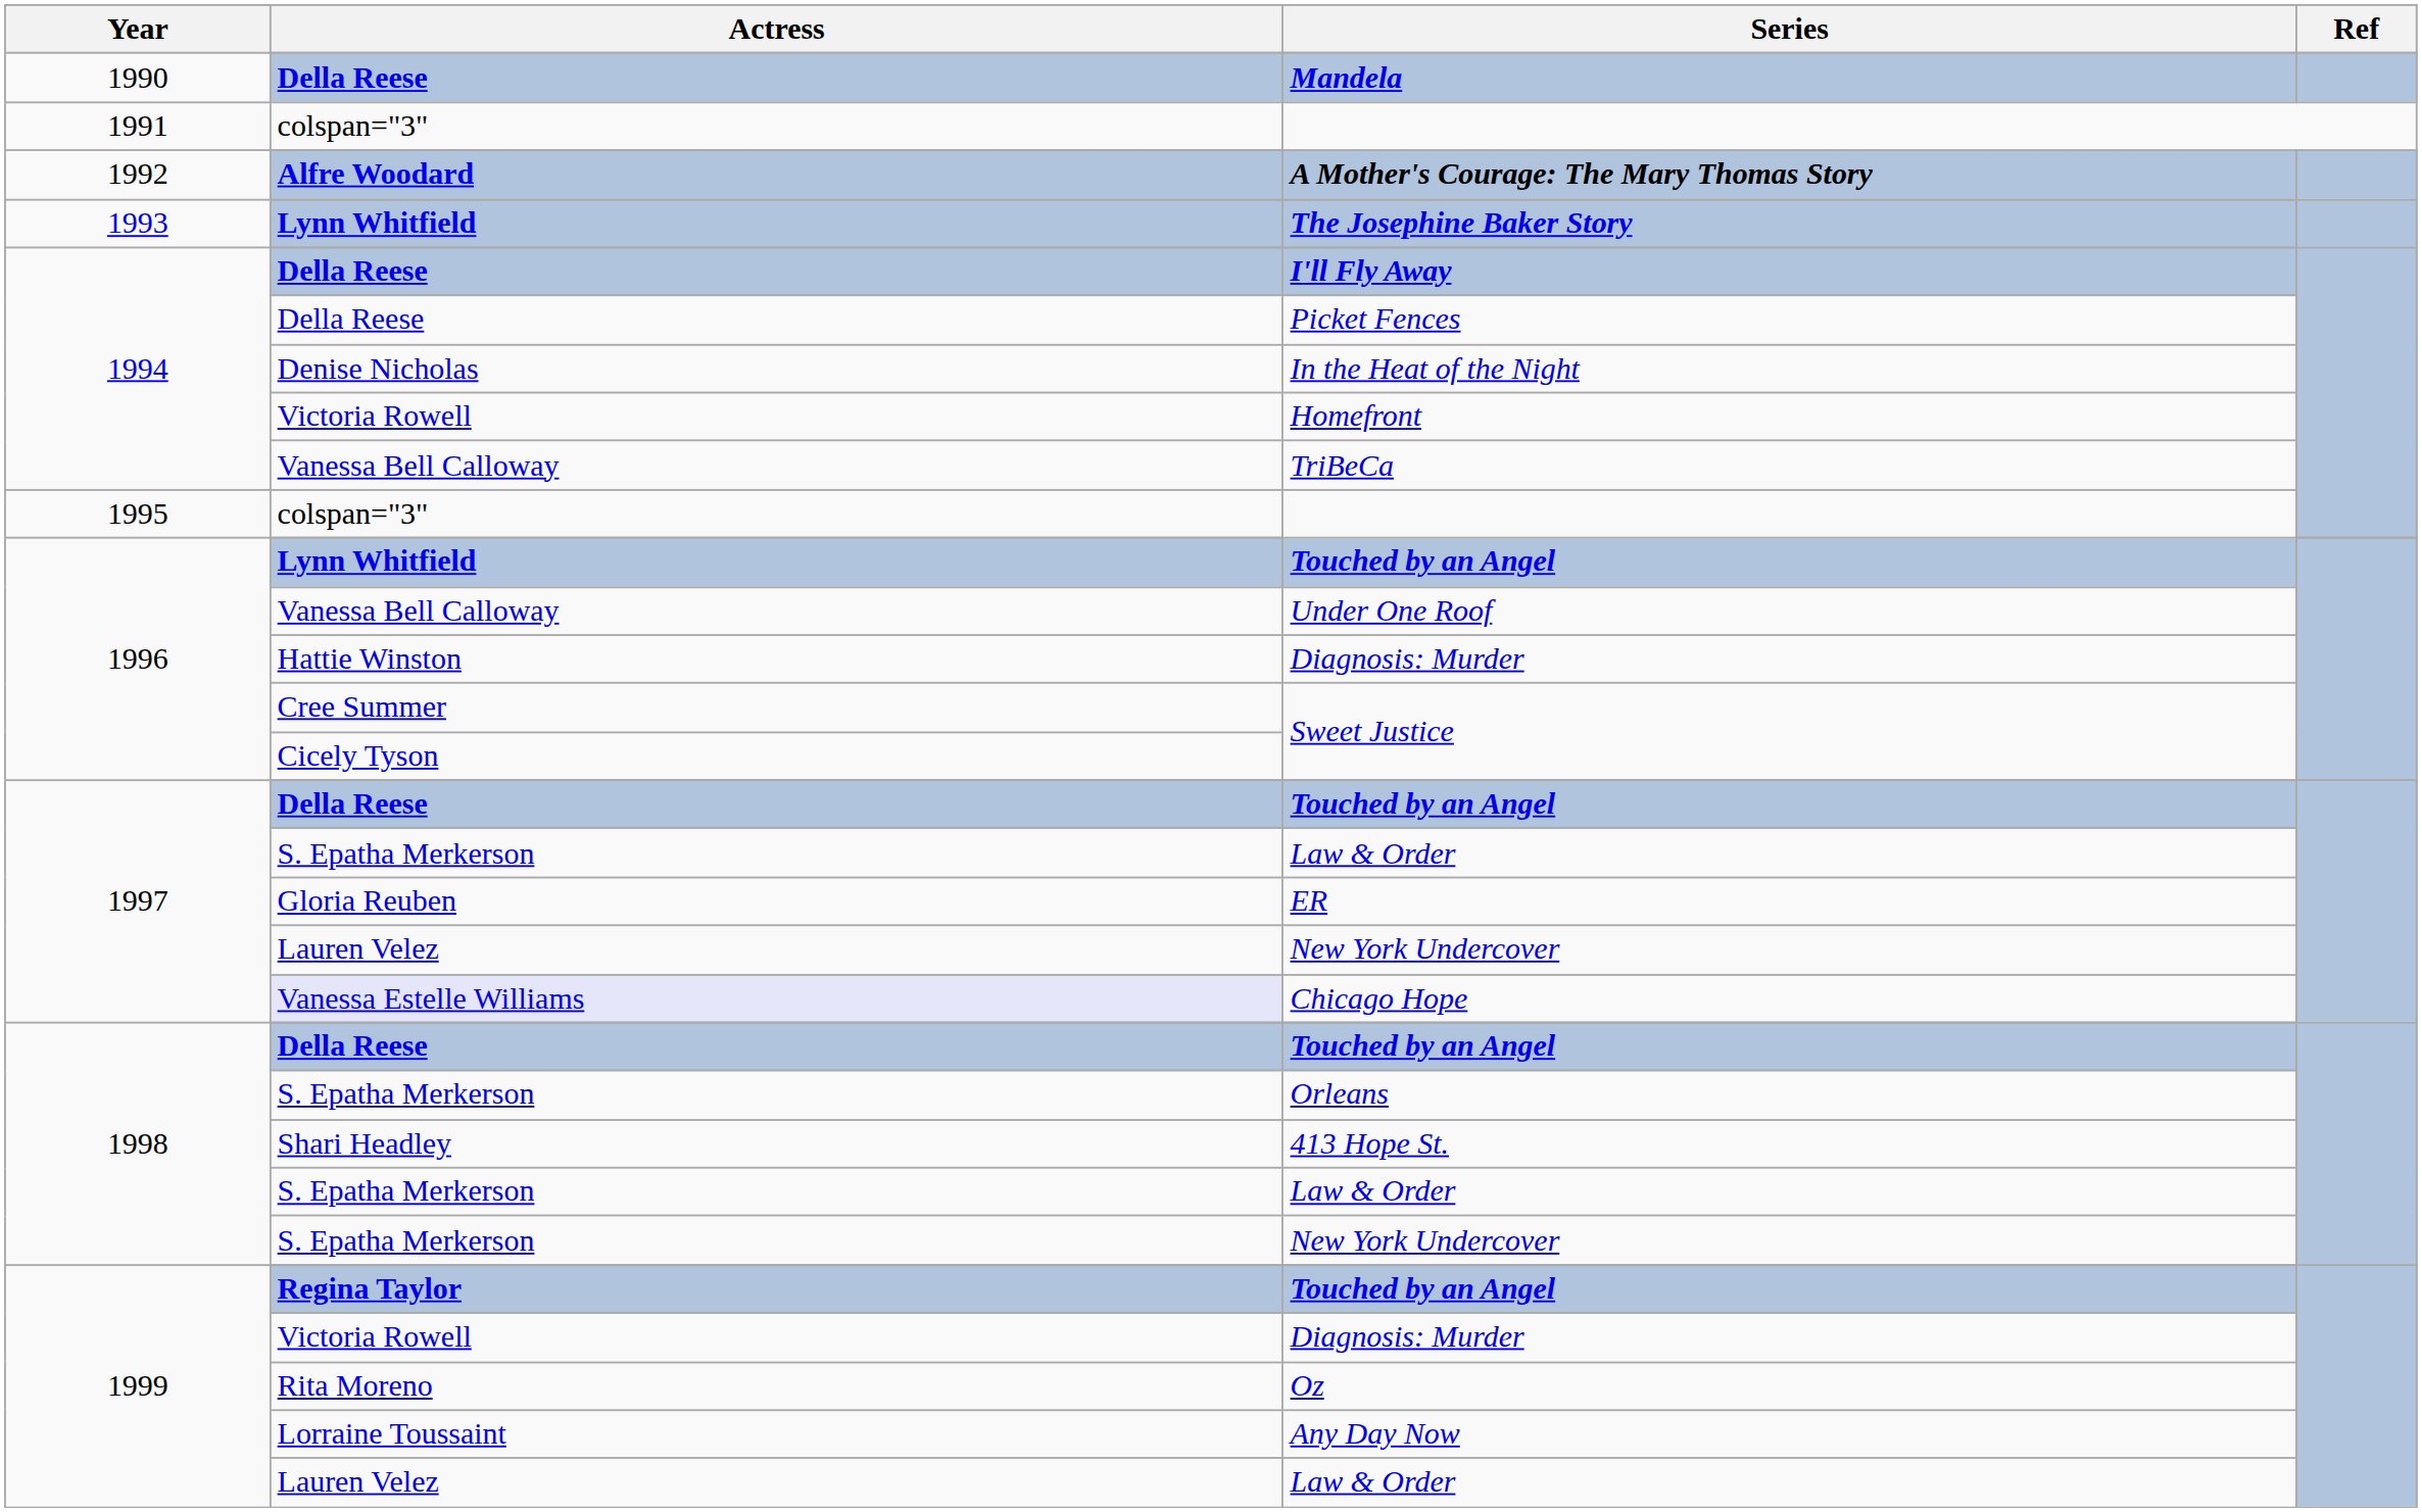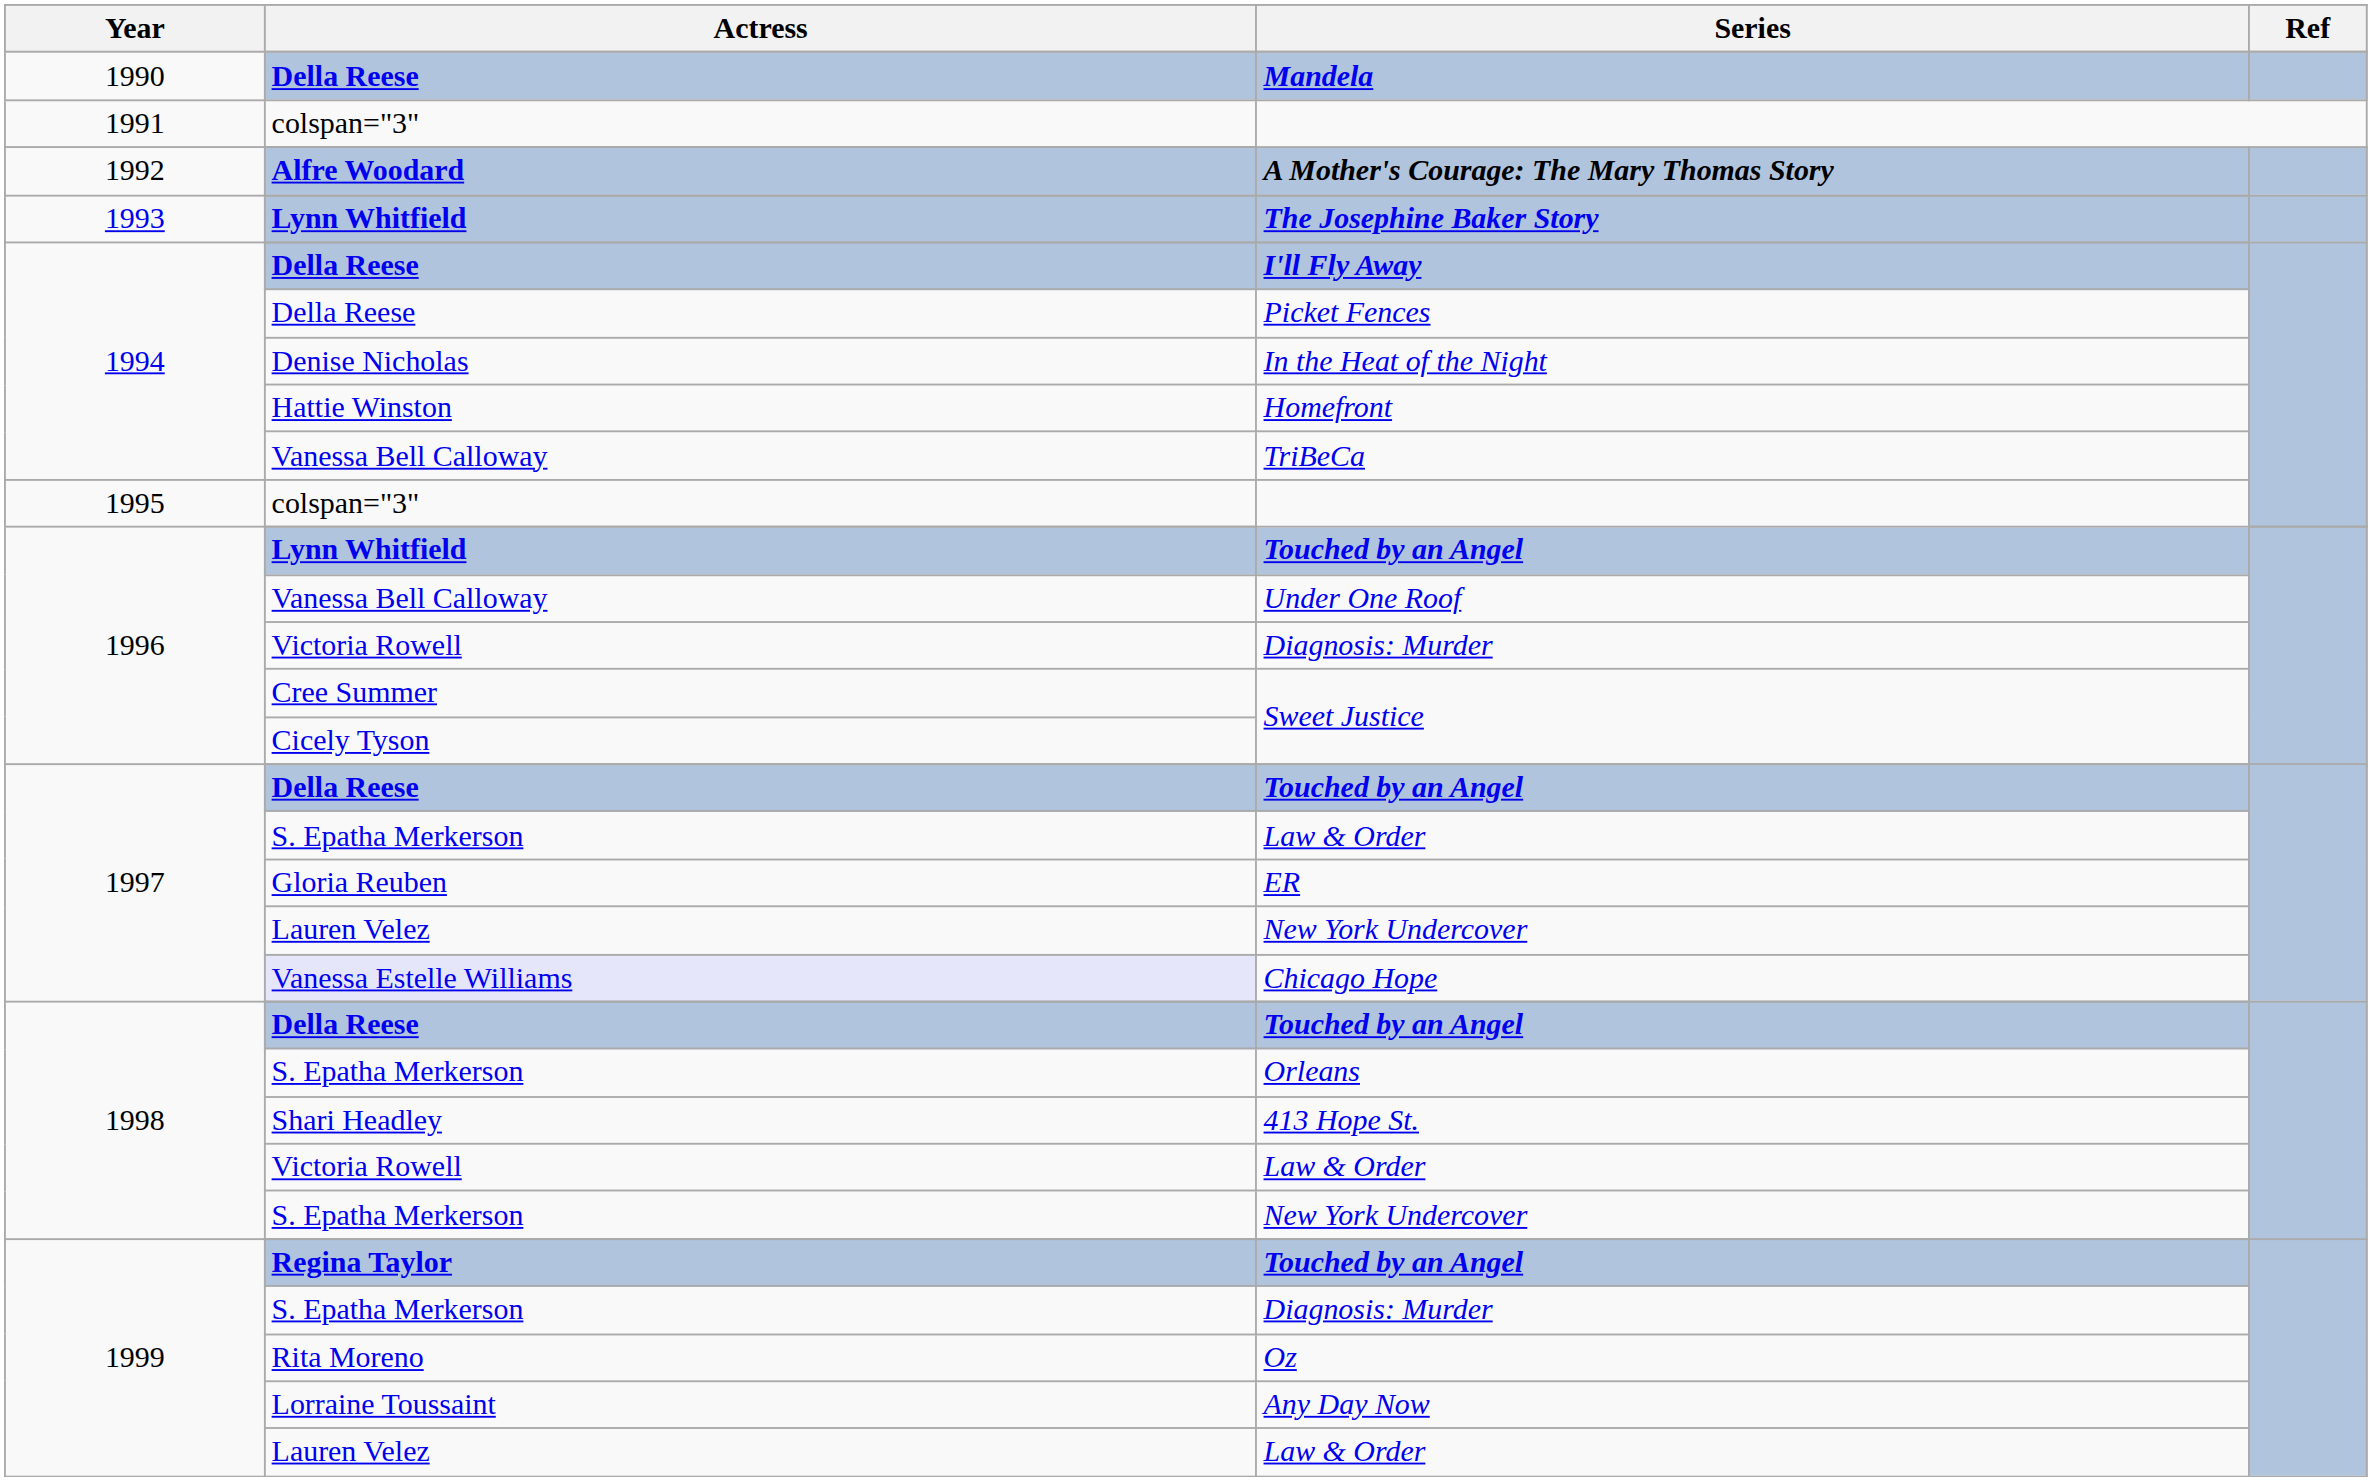 <table class="wikitable" style="width:100%;">
 <tr style="background:#bebebe;">
 <th style="width:11%;">Year</th>
 <th style="width:42%;">Actress</th>
 <th style="width:42%;">Series</th>
 <th style="width:5%;">Ref</th>
 </tr>
 <tr>
 <td rowspan="2" align="center">1990</td>
 </tr>
 <tr style="background:#B0C4DE">
 <td><strong><a href='#'>Della Reese</a></strong></td>
 <td><strong><em><a href='#'>Mandela</a></em></strong></td>
 <td align="center"></td>
 </tr>
 <tr>
 <td align="center">1991</td>
 <td>colspan="3" </td>
 </tr>
 <tr>
 <td rowspan="2" align="center">1992</td>
 </tr>
 <tr style="background:#B0C4DE">
 <td><strong><a href='#'>Alfre Woodard</a></strong></td>
 <td><strong><em>A Mother's Courage: The Mary Thomas Story</em></strong></td>
 <td rowspan="2" align="center"></td>
 </tr>
 <tr>
 <td rowspan="2" align="center"><a href='#'>1993</a></td>
 </tr>
 <tr style="background:#B0C4DE">
 <td><strong><a href='#'>Lynn Whitfield</a></strong></td>
 <td><strong><em><a href='#'>The Josephine Baker Story</a></em></strong></td>
 <td rowspan="2" align="center"></td>
 </tr>
 <tr>
 <td rowspan="6" align="center"><a href='#'>1994</a></td>
 </tr>
 <tr style="background:#B0C4DE">
 <td><strong><a href='#'>Della Reese</a></strong></td>
 <td><strong><em><a href='#'>I'll Fly Away</a></em></strong></td>
 <td rowspan="6" align="center"></td>
 </tr>
 <tr>
 <td><a href='#'>Della Reese</a></td>
 <td><em><a href='#'>Picket Fences</a></em></td>
 </tr>
 <tr>
 <td><a href='#'>Denise Nicholas</a></td>
 <td><em><a href='#'>In the Heat of the Night</a></em></td>
 </tr>
 <tr>
-<td><a href='#'>Victoria Rowell</a></td>
+<td><a href='#'>Hattie Winston</a></td>
 <td><em><a href='#'>Homefront</a></em></td>
 </tr>
 <tr>
 <td><a href='#'>Vanessa Bell Calloway</a></td>
 <td><em><a href='#'>TriBeCa</a></em></td>
 </tr>
 <tr>
 <td align="center">1995</td>
 <td>colspan="3" </td>
 </tr>
 <tr>
 <td rowspan="6" align="center">1996</td>
 </tr>
 <tr style="background:#B0C4DE">
 <td><strong><a href='#'>Lynn Whitfield</a></strong></td>
 <td><strong><em><a href='#'>Touched by an Angel</a></em></strong></td>
 <td rowspan="6" align="center"></td>
 </tr>
 <tr>
 <td><a href='#'>Vanessa Bell Calloway</a></td>
 <td><em><a href='#'>Under One Roof</a></em></td>
 </tr>
 <tr>
-<td><a href='#'>Hattie Winston</a></td>
+<td><a href='#'>Victoria Rowell</a></td>
 <td><em><a href='#'>Diagnosis: Murder</a></em></td>
 </tr>
 <tr>
 <td><a href='#'>Cree Summer</a></td>
 <td rowspan="2"><em><a href='#'>Sweet Justice</a></em></td>
 </tr>
 <tr>
 <td><a href='#'>Cicely Tyson</a></td>
 </tr>
 <tr>
 <td rowspan="6" align="center">1997</td>
 </tr>
 <tr style="background:#B0C4DE">
 <td><strong><a href='#'>Della Reese</a></strong></td>
 <td><strong><em><a href='#'>Touched by an Angel</a></em></strong></td>
 <td rowspan="6" align="center"></td>
 </tr>
 <tr>
 <td><a href='#'>S. Epatha Merkerson</a></td>
 <td><em><a href='#'>Law & Order</a></em></td>
 </tr>
 <tr>
 <td><a href='#'>Gloria Reuben</a></td>
 <td><em><a href='#'>ER</a></em></td>
 </tr>
 <tr>
 <td><a href='#'>Lauren Velez</a></td>
 <td><em><a href='#'>New York Undercover</a></em></td>
 </tr>
 <tr>
 <td style="background: lavender;"><a href='#'>Vanessa Estelle Williams</a></td>
 <td><em><a href='#'>Chicago Hope</a></em></td>
 </tr>
 <tr>
 <td rowspan="6" align="center">1998</td>
 </tr>
 <tr style="background:#B0C4DE">
 <td><strong><a href='#'>Della Reese</a></strong></td>
 <td><strong><em><a href='#'>Touched by an Angel</a></em></strong></td>
 <td rowspan="6" align="center"></td>
 </tr>
 <tr>
 <td><a href='#'>S. Epatha Merkerson</a></td>
 <td><em><a href='#'>Orleans</a></em></td>
 </tr>
 <tr>
 <td><a href='#'>Shari Headley</a></td>
 <td><em><a href='#'>413 Hope St.</a></em></td>
 </tr>
 <tr>
-<td><a href='#'>S. Epatha Merkerson</a></td>
+<td><a href='#'>Victoria Rowell</a></td>
 <td><em><a href='#'>Law & Order</a></em></td>
 </tr>
 <tr>
 <td><a href='#'>S. Epatha Merkerson</a></td>
 <td><em><a href='#'>New York Undercover</a></em></td>
 </tr>
 <tr>
 <td rowspan="6" align="center">1999</td>
 </tr>
 <tr style="background:#B0C4DE">
 <td><strong><a href='#'>Regina Taylor</a></strong></td>
 <td><strong><em><a href='#'>Touched by an Angel</a></em></strong></td>
 <td rowspan="6" align="center"></td>
 </tr>
 <tr>
-<td><a href='#'>Victoria Rowell</a></td>
+<td><a href='#'>S. Epatha Merkerson</a></td>
 <td><em><a href='#'>Diagnosis: Murder</a></em></td>
 </tr>
 <tr>
 <td><a href='#'>Rita Moreno</a></td>
 <td><em><a href='#'>Oz</a></em></td>
 </tr>
 <tr>
 <td><a href='#'>Lorraine Toussaint</a></td>
 <td><em><a href='#'>Any Day Now</a></em></td>
 </tr>
 <tr>
 <td><a href='#'>Lauren Velez</a></td>
 <td><em><a href='#'>Law & Order</a></em></td>
 </tr>
 </table>
